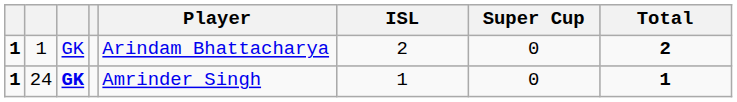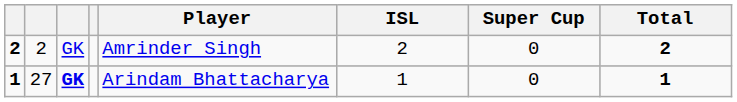 <table class="wikitable" style="font-size: 95%; text-align: center;">
 <tr>
 <th rowspan="1" !width=15></th>
 <th rowspan="1" !width=15></th>
 <th rowspan="1" !width=15></th>
 <th rowspan="1" !width=15></th>
 <th width=150>Player</th>
 <th width=80>ISL</th>
 <th width=80>Super Cup</th>
 <th width=80>Total</th>
 </tr>
 <tr>
-<td><strong>1</strong></td>
-<td>1</td>
+<td><strong>2</strong></td>
+<td>2</td>
 <td><a href='#'>GK</a></td>
 <td></td>
-<td align=left><a href='#'>Arindam Bhattacharya</a></td>
+<td align=left><a href='#'>Amrinder Singh</a></td>
 <td>2</td>
 <td>0</td>
 <td><strong>2</strong></td>
 </tr>
 <tr>
 <td><strong>1</strong></td>
-<td>24</td>
+<td>27</td>
 <td><strong><a href='#'>GK</a></strong></td>
 <td></td>
-<td align=left><a href='#'>Amrinder Singh</a></td>
+<td align=left><a href='#'>Arindam Bhattacharya</a></td>
 <td>1</td>
 <td>0</td>
 <td><strong>1</strong></td>
 </tr>
 </table>
